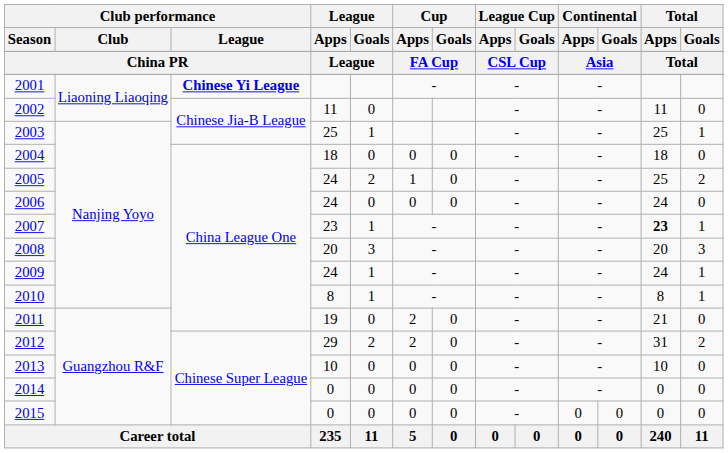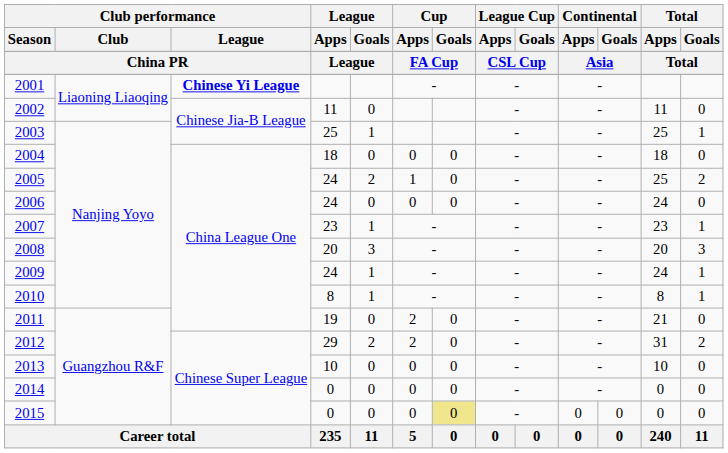 <table class="wikitable" style="text-align:center">
 <tr>
 <th colspan=3>Club performance</th>
 <th colspan=2>League</th>
 <th colspan=2>Cup</th>
 <th colspan=2>League Cup</th>
 <th colspan=2>Continental</th>
 <th colspan=2>Total</th>
 </tr>
 <tr>
 <th>Season</th>
 <th>Club</th>
 <th>League</th>
 <th>Apps</th>
 <th>Goals</th>
 <th>Apps</th>
 <th>Goals</th>
 <th>Apps</th>
 <th>Goals</th>
 <th>Apps</th>
 <th>Goals</th>
 <th>Apps</th>
 <th>Goals</th>
 </tr>
 <tr>
 </tr>
 <tr>
 <th colspan=3>China PR</th>
 <th colspan=2>League</th>
 <th colspan=2><a href='#'>FA Cup</a></th>
 <th colspan=2><a href='#'>CSL Cup</a></th>
 <th colspan=2><a href='#'>Asia</a></th>
 <th colspan=2>Total</th>
 </tr>
 <tr>
 </tr>
 <tr>
 <td><a href='#'>2001</a></td>
 <td rowspan="2"><a href='#'>Liaoning Liaoqing</a></td>
 <td rowspan="1"><strong><a href='#'>Chinese Yi League</a></strong></td>
 <td></td>
 <td></td>
 <td colspan="2">-</td>
 <td colspan="2">-</td>
 <td colspan="2">-</td>
 <td></td>
 <td></td>
 </tr>
 <tr>
 <td><a href='#'>2002</a></td>
 <td rowspan="2"><a href='#'>Chinese Jia-B League</a></td>
 <td>11</td>
 <td>0</td>
 <td></td>
 <td></td>
 <td colspan="2">-</td>
 <td colspan="2">-</td>
 <td>11</td>
 <td>0</td>
 </tr>
 <tr>
 <td><a href='#'>2003</a></td>
 <td rowspan="8"><a href='#'>Nanjing Yoyo</a></td>
 <td>25</td>
 <td>1</td>
 <td></td>
 <td></td>
 <td colspan="2">-</td>
 <td colspan="2">-</td>
 <td>25</td>
 <td>1</td>
 </tr>
 <tr>
 <td><a href='#'>2004</a></td>
 <td rowspan="8"><a href='#'>China League One</a></td>
 <td>18</td>
 <td>0</td>
 <td>0</td>
 <td>0</td>
 <td colspan="2">-</td>
 <td colspan="2">-</td>
 <td>18</td>
 <td>0</td>
 </tr>
 <tr>
 <td><a href='#'>2005</a></td>
 <td>24</td>
 <td>2</td>
 <td>1</td>
 <td>0</td>
 <td colspan="2">-</td>
 <td colspan="2">-</td>
 <td>25</td>
 <td>2</td>
 </tr>
 <tr>
 <td><a href='#'>2006</a></td>
 <td>24</td>
 <td>0</td>
 <td>0</td>
 <td>0</td>
 <td colspan="2">-</td>
 <td colspan="2">-</td>
 <td>24</td>
 <td>0</td>
 </tr>
 <tr>
 <td><a href='#'>2007</a></td>
 <td>23</td>
 <td>1</td>
 <td colspan="2">-</td>
 <td colspan="2">-</td>
 <td colspan="2">-</td>
-<td><strong>23</strong></td>
+<td>23</td>
 <td>1</td>
 </tr>
 <tr>
 <td><a href='#'>2008</a></td>
 <td>20</td>
 <td>3</td>
 <td colspan="2">-</td>
 <td colspan="2">-</td>
 <td colspan="2">-</td>
 <td>20</td>
 <td>3</td>
 </tr>
 <tr>
 <td><a href='#'>2009</a></td>
 <td>24</td>
 <td>1</td>
 <td colspan="2">-</td>
 <td colspan="2">-</td>
 <td colspan="2">-</td>
 <td>24</td>
 <td>1</td>
 </tr>
 <tr>
 <td><a href='#'>2010</a></td>
 <td>8</td>
 <td>1</td>
 <td colspan="2">-</td>
 <td colspan="2">-</td>
 <td colspan="2">-</td>
 <td>8</td>
 <td>1</td>
 </tr>
 <tr>
 <td><a href='#'>2011</a></td>
 <td rowspan="5"><a href='#'>Guangzhou R&F</a></td>
 <td>19</td>
 <td>0</td>
 <td>2</td>
 <td>0</td>
 <td colspan="2">-</td>
 <td colspan="2">-</td>
 <td>21</td>
 <td>0</td>
 </tr>
 <tr>
 <td><a href='#'>2012</a></td>
 <td rowspan="4"><a href='#'>Chinese Super League</a></td>
 <td>29</td>
 <td>2</td>
 <td>2</td>
 <td>0</td>
 <td colspan="2">-</td>
 <td colspan="2">-</td>
 <td>31</td>
 <td>2</td>
 </tr>
 <tr>
 <td><a href='#'>2013</a></td>
 <td>10</td>
 <td>0</td>
 <td>0</td>
 <td>0</td>
 <td colspan="2">-</td>
 <td colspan="2">-</td>
 <td>10</td>
 <td>0</td>
 </tr>
 <tr>
 <td><a href='#'>2014</a></td>
 <td>0</td>
 <td>0</td>
 <td>0</td>
 <td>0</td>
 <td colspan="2">-</td>
 <td colspan="2">-</td>
 <td>0</td>
 <td>0</td>
 </tr>
 <tr>
 <td><a href='#'>2015</a></td>
 <td>0</td>
 <td>0</td>
 <td>0</td>
-<td>0</td>
+<td style="background: khaki;">0</td>
 <td colspan="2">-</td>
 <td>0</td>
 <td>0</td>
 <td>0</td>
 <td>0</td>
 </tr>
 <tr>
 <th colspan=3>Career total</th>
 <th>235</th>
 <th>11</th>
 <th>5</th>
 <th>0</th>
 <th>0</th>
 <th>0</th>
 <th>0</th>
 <th>0</th>
 <th>240</th>
 <th>11</th>
 </tr>
 </table>
